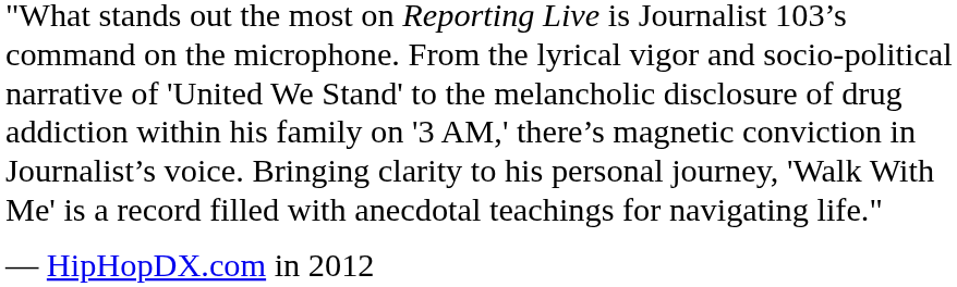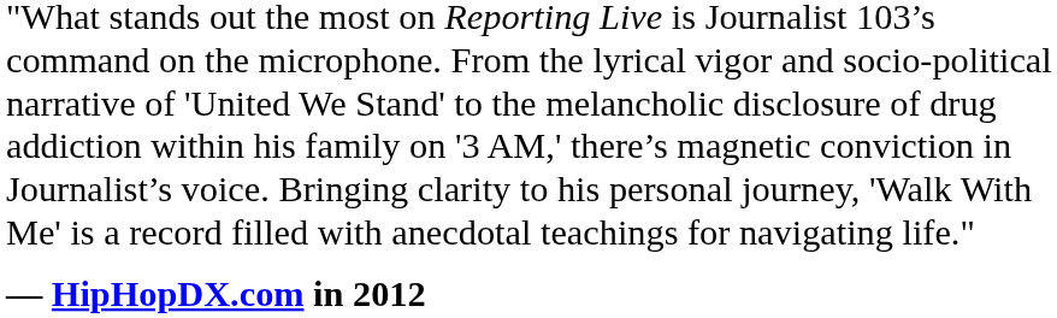 <table class="toccolours" style="float: right; margin-left: 1em; margin-right: 1em; font-size: 85%; background:offwhite; color:black; width:30em; max-width: 40%;" cellspacing="5">
 <tr>
 <td style="text-align: left;">"What stands out the most on <em>Reporting Live</em> is Journalist 103’s command on the microphone. From the lyrical vigor and socio-political narrative of 'United We Stand' to the melancholic disclosure of drug addiction within his family on '3 AM,' there’s magnetic conviction in Journalist’s voice. Bringing clarity to his personal journey, 'Walk With Me' is a record filled with anecdotal teachings for navigating life."</td>
 </tr>
 <tr>
-<td style="text-align: left;">— <a href='#'>HipHopDX.com</a> in 2012</td>
+<td style="text-align: left;"><strong>— <a href='#'>HipHopDX.com</a> in 2012</strong></td>
 </tr>
 </table>
